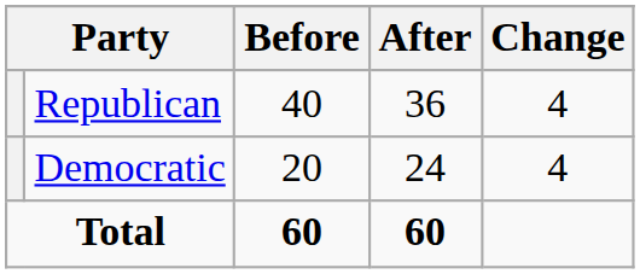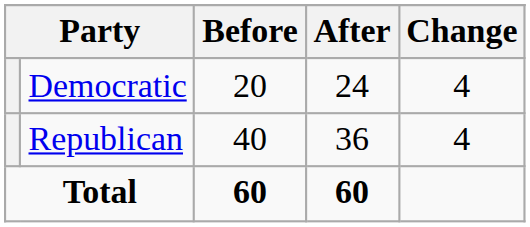 <table class="wikitable" style="text-align:center;">
 <tr>
 </tr>
 <tr>
 <th colspan=2>Party</th>
 <th>Before</th>
 <th>After</th>
 <th>Change</th>
 </tr>
 <tr>
 <th style="background-color:"></th>
-<td style="text-align:left;"><a href='#'>Republican</a></td>
-<td>40</td>
-<td>36</td>
+<td style="text-align:left;"><a href='#'>Democratic</a></td>
+<td>20</td>
+<td>24</td>
 <td> 4</td>
 </tr>
 <tr>
 <th style="background-color:"></th>
-<td style="text-align:left;"><a href='#'>Democratic</a></td>
-<td>20</td>
-<td>24</td>
+<td style="text-align:left;"><a href='#'>Republican</a></td>
+<td>40</td>
+<td>36</td>
 <td> 4</td>
 </tr>
 <tr>
 <td colspan=2><strong>Total</strong></td>
 <td><strong>60</strong></td>
 <td><strong>60</strong></td>
 <td></td>
 </tr>
 </table>
